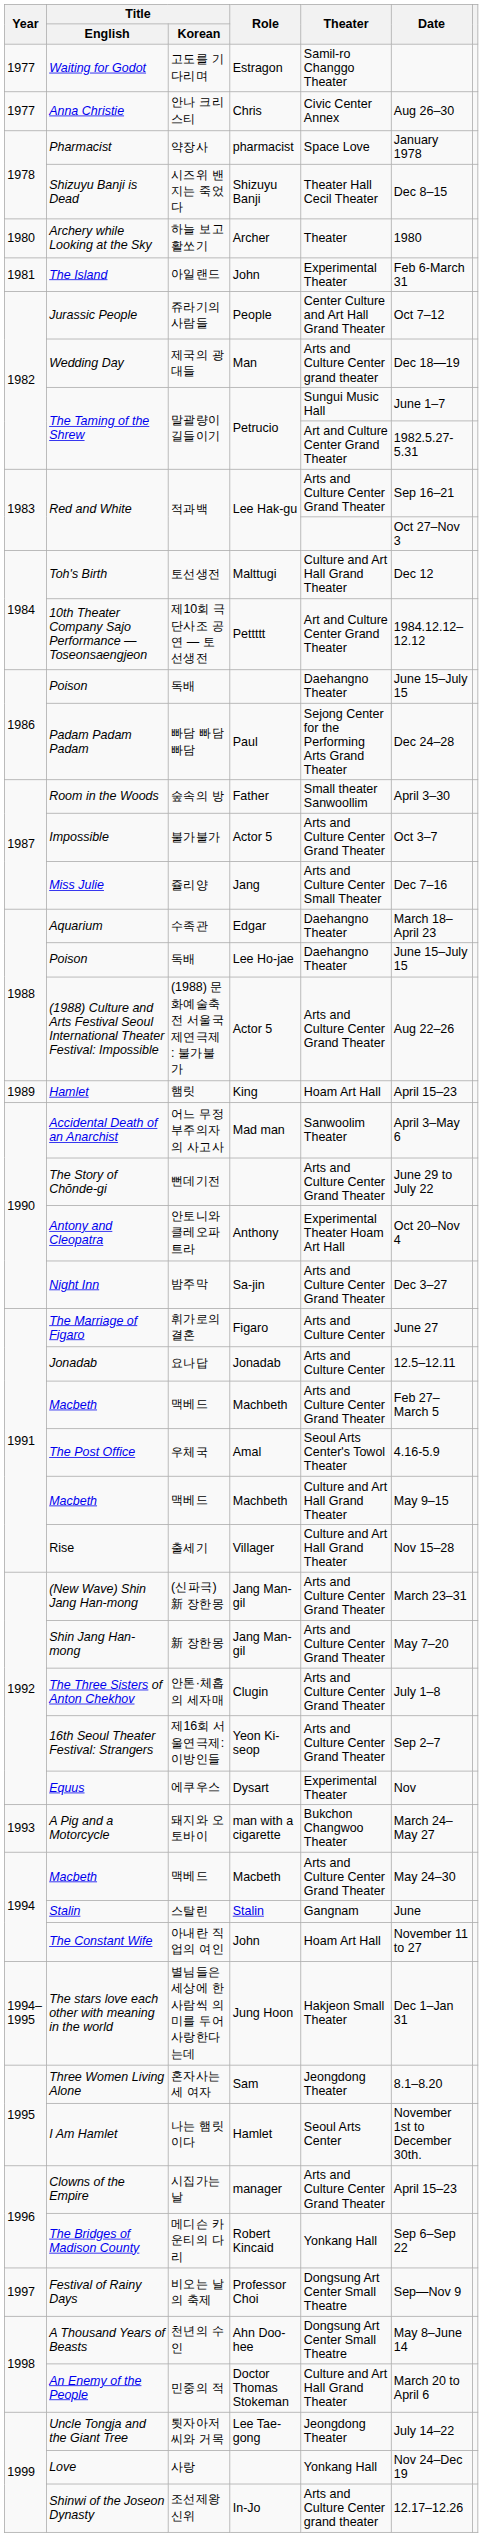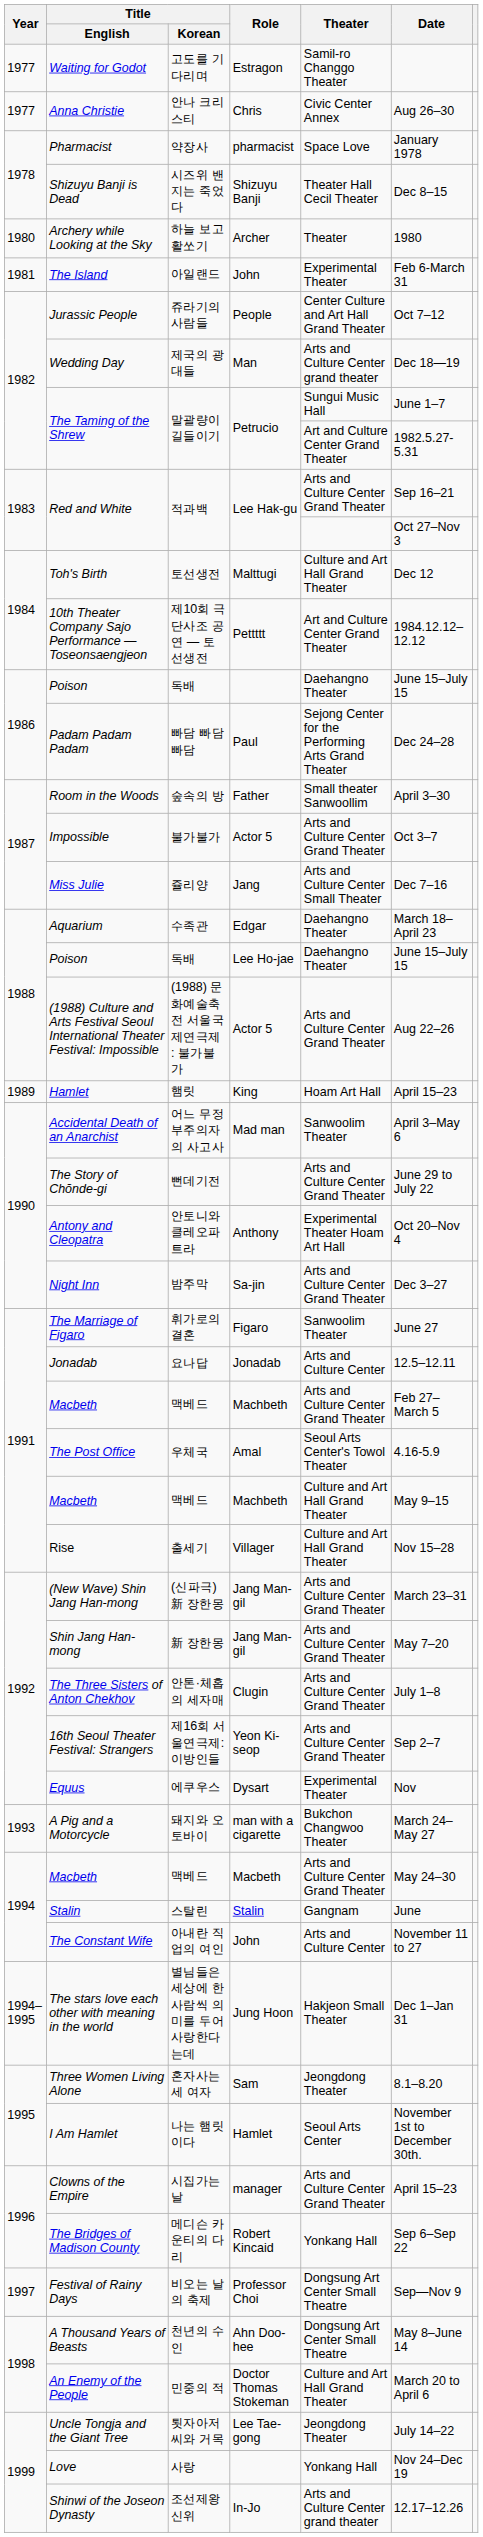 <table Class="wikitable sortable plainrowheaders" style="clear:none; font-size:100%;">
 <tr>
 <th scope="col" rowspan="2">Year</th>
 <th scope="col" colspan="2">Title</th>
 <th scope="col" rowspan="2">Role</th>
 <th scope="col" rowspan="2">Theater</th>
 <th scope="col" rowspan="2">Date</th>
 <th scope="col" rowspan="2" class="unsortable"></th>
 </tr>
 <tr>
 <th>English</th>
 <th>Korean</th>
 </tr>
 <tr>
 <td>1977</td>
 <td><em><a href='#'>Waiting for Godot</a></em></td>
 <td>고도를 기다리며</td>
 <td>Estragon</td>
 <td>Samil-ro Changgo Theater</td>
 <td></td>
 <td></td>
 </tr>
 <tr>
 <td>1977</td>
 <td><em><a href='#'>Anna Christie</a></em></td>
 <td>안나 크리스티</td>
 <td>Chris</td>
 <td>Civic Center Annex</td>
 <td>Aug 26–30</td>
 <td></td>
 </tr>
 <tr>
 <td rowspan="2">1978</td>
 <td><em>Pharmacist</em></td>
 <td>약장사</td>
 <td>pharmacist</td>
 <td>Space Love</td>
 <td>January 1978</td>
 <td></td>
 </tr>
 <tr>
 <td><em>Shizuyu Banji is Dead</em></td>
 <td>시즈위 밴지는 죽었다</td>
 <td>Shizuyu Banji</td>
 <td>Theater Hall Cecil Theater</td>
 <td>Dec 8–15</td>
 <td></td>
 </tr>
 <tr>
 <td>1980</td>
 <td><em>Archery while Looking at the Sky</em></td>
 <td>하늘 보고 활쏘기</td>
 <td>Archer</td>
 <td>Theater</td>
 <td>1980</td>
 <td></td>
 </tr>
 <tr>
 <td>1981</td>
 <td><em><a href='#'>The Island</a></em></td>
 <td>아일랜드</td>
 <td>John</td>
 <td>Experimental Theater</td>
 <td>Feb 6-March 31</td>
 <td></td>
 </tr>
 <tr>
 <td rowspan="4">1982</td>
 <td><em>Jurassic People</em></td>
 <td>쥬라기의 사람들</td>
 <td>People</td>
 <td>Center Culture and Art Hall Grand Theater</td>
 <td>Oct 7–12</td>
 <td></td>
 </tr>
 <tr>
 <td><em>Wedding Day</em></td>
 <td>제국의 광대들</td>
 <td>Man</td>
 <td>Arts and Culture Center grand theater</td>
 <td>Dec 18—19</td>
 <td></td>
 </tr>
 <tr>
 <td rowspan="2"><em><a href='#'>The Taming of the Shrew</a></em></td>
 <td rowspan="2">말괄량이 길들이기</td>
 <td rowspan="2">Petrucio</td>
 <td>Sungui Music Hall</td>
 <td>June 1–7</td>
 <td></td>
 </tr>
 <tr>
 <td>Art and Culture Center Grand Theater</td>
 <td>1982.5.27-5.31</td>
 <td></td>
 </tr>
 <tr>
 <td rowspan="2">1983</td>
 <td rowspan="2"><em>Red and White</em></td>
 <td rowspan="2">적과백</td>
 <td rowspan="2">Lee Hak-gu</td>
 <td>Arts and Culture Center Grand Theater</td>
 <td>Sep 16–21</td>
 <td></td>
 </tr>
 <tr>
 <td></td>
 <td>Oct 27–Nov 3</td>
 <td></td>
 </tr>
 <tr>
 <td rowspan="2">1984</td>
 <td><em>Toh's Birth</em></td>
 <td>토선생전</td>
 <td>Malttugi</td>
 <td>Culture and Art Hall Grand Theater</td>
 <td>Dec 12</td>
 <td></td>
 </tr>
 <tr>
 <td><em>10th Theater Company Sajo Performance — Toseonsaengjeon</em></td>
 <td>제10회 극단사조 공연 — 토선생전</td>
 <td>Pettttt</td>
 <td>Art and Culture Center Grand Theater</td>
 <td>1984.12.12–12.12</td>
 <td></td>
 </tr>
 <tr>
 <td rowspan="2">1986</td>
 <td><em>Poison</em></td>
 <td>독배</td>
 <td></td>
 <td>Daehangno Theater</td>
 <td>June 15–July 15</td>
 <td></td>
 </tr>
 <tr>
 <td><em>Padam Padam Padam</em></td>
 <td>빠담 빠담 빠담</td>
 <td>Paul</td>
 <td>Sejong Center for the Performing Arts Grand Theater</td>
 <td>Dec 24–28</td>
 <td></td>
 </tr>
 <tr>
 <td rowspan="3">1987</td>
 <td><em>Room in the Woods</em></td>
 <td>숲속의 방</td>
 <td>Father</td>
 <td>Small theater Sanwoollim</td>
 <td>April 3–30</td>
 <td></td>
 </tr>
 <tr>
 <td><em>Impossible</em></td>
 <td>불가불가</td>
 <td>Actor 5</td>
 <td>Arts and Culture Center Grand Theater</td>
 <td>Oct 3–7</td>
 <td></td>
 </tr>
 <tr>
 <td><em><a href='#'>Miss Julie</a></em></td>
 <td>쥴리양</td>
 <td>Jang</td>
 <td>Arts and Culture Center Small Theater</td>
 <td>Dec 7–16</td>
 <td></td>
 </tr>
 <tr>
 <td rowspan="3">1988</td>
 <td><em>Aquarium</em></td>
 <td>수족관</td>
 <td>Edgar</td>
 <td>Daehangno Theater</td>
 <td>March 18–April 23</td>
 <td></td>
 </tr>
 <tr>
 <td><em>Poison</em></td>
 <td>독배</td>
 <td>Lee Ho-jae</td>
 <td>Daehangno Theater</td>
 <td>June 15–July 15</td>
 <td></td>
 </tr>
 <tr>
 <td><em>(1988) Culture and Arts Festival Seoul International Theater Festival: Impossible</em></td>
 <td>(1988) 문화예술축전 서울국제연극제 : 불가불가</td>
 <td>Actor 5</td>
 <td>Arts and Culture Center Grand Theater</td>
 <td>Aug 22–26</td>
 <td></td>
 </tr>
 <tr>
 <td>1989</td>
 <td><em><a href='#'>Hamlet</a></em></td>
 <td>햄릿</td>
 <td>King</td>
 <td>Hoam Art Hall</td>
 <td>April 15–23</td>
 <td></td>
 </tr>
 <tr>
 <td rowspan="4">1990</td>
 <td><em><a href='#'>Accidental Death of an Anarchist</a></em></td>
 <td>어느 무정부주의자의 사고사</td>
 <td>Mad man</td>
 <td>Sanwoolim Theater</td>
 <td>April 3–May 6</td>
 <td></td>
 </tr>
 <tr>
 <td><em>The Story of Chŏnde-gi</em></td>
 <td>뻔데기전</td>
 <td></td>
 <td>Arts and Culture Center Grand Theater</td>
 <td>June 29 to July 22</td>
 <td></td>
 </tr>
 <tr>
 <td><em><a href='#'>Antony and Cleopatra</a></em></td>
 <td>안토니와 클레오파트라</td>
 <td>Anthony</td>
 <td>Experimental Theater Hoam Art Hall</td>
 <td>Oct 20–Nov 4</td>
 <td></td>
 </tr>
 <tr>
 <td><em><a href='#'>Night Inn</a></em></td>
 <td>밤주막</td>
 <td>Sa-jin</td>
 <td>Arts and Culture Center Grand Theater</td>
 <td>Dec 3–27</td>
 <td></td>
 </tr>
 <tr>
 <td rowspan="6">1991</td>
 <td><em><a href='#'>The Marriage of Figaro</a></em></td>
 <td>휘가로의 결혼</td>
 <td>Figaro</td>
-<td>Arts and Culture Center</td>
+<td>Sanwoolim Theater</td>
 <td>June 27</td>
 <td></td>
 </tr>
 <tr>
 <td><em>Jonadab</em></td>
 <td>요나답</td>
 <td>Jonadab</td>
 <td>Arts and Culture Center</td>
 <td>12.5–12.11</td>
 <td></td>
 </tr>
 <tr>
 <td><em><a href='#'>Macbeth</a></em></td>
 <td>맥베드</td>
 <td>Machbeth</td>
 <td>Arts and Culture Center Grand Theater</td>
 <td>Feb 27–March 5</td>
 <td></td>
 </tr>
 <tr>
 <td><em><a href='#'>The Post Office</a></em></td>
 <td>우체국</td>
 <td>Amal</td>
 <td>Seoul Arts Center's Towol Theater</td>
 <td>4.16-5.9</td>
 <td></td>
 </tr>
 <tr>
 <td><em><a href='#'>Macbeth</a></em></td>
 <td>맥베드</td>
 <td>Machbeth</td>
 <td>Culture and Art Hall Grand Theater</td>
 <td>May 9–15</td>
 <td></td>
 </tr>
 <tr>
 <td>Rise</td>
 <td>출세기</td>
 <td>Villager</td>
 <td>Culture and Art Hall Grand Theater</td>
 <td>Nov 15–28</td>
 <td></td>
 </tr>
 <tr>
 <td rowspan="5">1992</td>
 <td><em>(New Wave) Shin Jang Han-mong</em></td>
 <td>(신파극)新 장한몽</td>
 <td>Jang Man-gil</td>
 <td>Arts and Culture Center Grand Theater</td>
 <td>March 23–31</td>
 <td></td>
 </tr>
 <tr>
 <td><em>Shin Jang Han-mong</em></td>
 <td>新 장한몽</td>
 <td>Jang Man-gil</td>
 <td>Arts and Culture Center Grand Theater</td>
 <td>May 7–20</td>
 <td></td>
 </tr>
 <tr>
 <td><em><a href='#'>The Three Sisters</a> of <a href='#'>Anton Chekhov</a></em></td>
 <td>안톤·체홉의 세자매</td>
 <td>Clugin</td>
 <td>Arts and Culture Center Grand Theater</td>
 <td>July 1–8</td>
 <td></td>
 </tr>
 <tr>
 <td><em>16th Seoul Theater Festival: Strangers</em></td>
 <td>제16회 서울연극제: 이방인들</td>
 <td>Yeon Ki-seop</td>
 <td>Arts and Culture Center Grand Theater</td>
 <td>Sep 2–7</td>
 <td></td>
 </tr>
 <tr>
 <td><a href='#'><em>Equus</em></a></td>
 <td>에쿠우스</td>
 <td>Dysart</td>
 <td>Experimental Theater</td>
 <td>Nov</td>
 <td></td>
 </tr>
 <tr>
 <td>1993</td>
 <td><em>A Pig and a Motorcycle</em></td>
 <td>돼지와 오토바이</td>
 <td>man with a cigarette</td>
 <td>Bukchon Changwoo Theater</td>
 <td>March 24– May 27</td>
 <td></td>
 </tr>
 <tr>
 <td rowspan="3">1994</td>
 <td><em><a href='#'>Macbeth</a></em></td>
 <td>맥베드</td>
 <td>Macbeth</td>
 <td>Arts and Culture Center Grand Theater</td>
 <td>May 24–30</td>
 <td></td>
 </tr>
 <tr>
 <td><em><a href='#'>Stalin</a></em></td>
 <td>스탈린</td>
 <td><a href='#'>Stalin</a></td>
 <td>Gangnam</td>
 <td>June</td>
 <td></td>
 </tr>
 <tr>
 <td><em><a href='#'>The Constant Wife</a></em></td>
 <td>아내란 직업의 여인</td>
 <td>John</td>
-<td>Hoam Art Hall</td>
+<td>Arts and Culture Center</td>
 <td>November 11 to 27</td>
 <td></td>
 </tr>
 <tr>
 <td>1994–1995</td>
 <td><em>The stars love each other with meaning in the world</em></td>
 <td>별님들은 세상에 한 사람씩 의미를 두어 사랑한다는데</td>
 <td>Jung Hoon</td>
 <td>Hakjeon Small Theater</td>
 <td>Dec 1–Jan 31</td>
 <td></td>
 </tr>
 <tr>
 <td rowspan="2">1995</td>
 <td><em>Three Women Living Alone</em></td>
 <td>혼자사는 세 여자</td>
 <td>Sam</td>
 <td>Jeongdong Theater</td>
 <td>8.1–8.20</td>
 <td></td>
 </tr>
 <tr>
 <td><em>I Am Hamlet</em></td>
 <td>나는 햄릿이다</td>
 <td>Hamlet</td>
 <td>Seoul Arts Center</td>
 <td>November 1st to December 30th.</td>
 <td></td>
 </tr>
 <tr>
 <td rowspan="2">1996</td>
 <td><em>Clowns of the Empire</em></td>
 <td>시집가는 날</td>
 <td>manager</td>
 <td>Arts and Culture Center Grand Theater</td>
 <td>April 15–23</td>
 <td></td>
 </tr>
 <tr>
 <td><em><a href='#'>The Bridges of Madison County</a></em></td>
 <td>메디슨 카운티의 다리</td>
 <td>Robert Kincaid</td>
 <td>Yonkang Hall</td>
 <td>Sep 6–Sep 22</td>
 <td></td>
 </tr>
 <tr>
 <td>1997</td>
 <td><em>Festival of Rainy Days</em></td>
 <td>비오는 날의 축제</td>
 <td>Professor Choi</td>
 <td>Dongsung Art Center Small Theatre</td>
 <td>Sep—Nov 9</td>
 <td></td>
 </tr>
 <tr>
 <td rowspan="2">1998</td>
 <td><em>A Thousand Years of Beasts</em></td>
 <td>천년의 수인</td>
 <td>Ahn Doo-hee</td>
 <td>Dongsung Art Center Small Theatre</td>
 <td>May 8–June 14</td>
 <td></td>
 </tr>
 <tr>
 <td><em><a href='#'>An Enemy of the People</a></em></td>
 <td>민중의 적</td>
 <td>Doctor Thomas Stokeman</td>
 <td>Culture and Art Hall Grand Theater</td>
 <td>March 20 to April 6</td>
 <td></td>
 </tr>
 <tr>
 <td rowspan="3">1999</td>
 <td><em>Uncle Tongja and the Giant Tree</em></td>
 <td>툇자아저씨와 거목</td>
 <td>Lee Tae-gong</td>
 <td>Jeongdong Theater</td>
 <td>July 14–22</td>
 <td></td>
 </tr>
 <tr>
 <td><em>Love</em></td>
 <td>사랑</td>
 <td></td>
 <td>Yonkang Hall</td>
 <td>Nov 24–Dec 19</td>
 <td></td>
 </tr>
 <tr>
 <td><em>Shinwi of the Joseon Dynasty</em></td>
 <td>조선제왕신위</td>
 <td>In-Jo</td>
 <td>Arts and Culture Center grand theater</td>
 <td>12.17–12.26</td>
 <td></td>
 </tr>
 </table>
